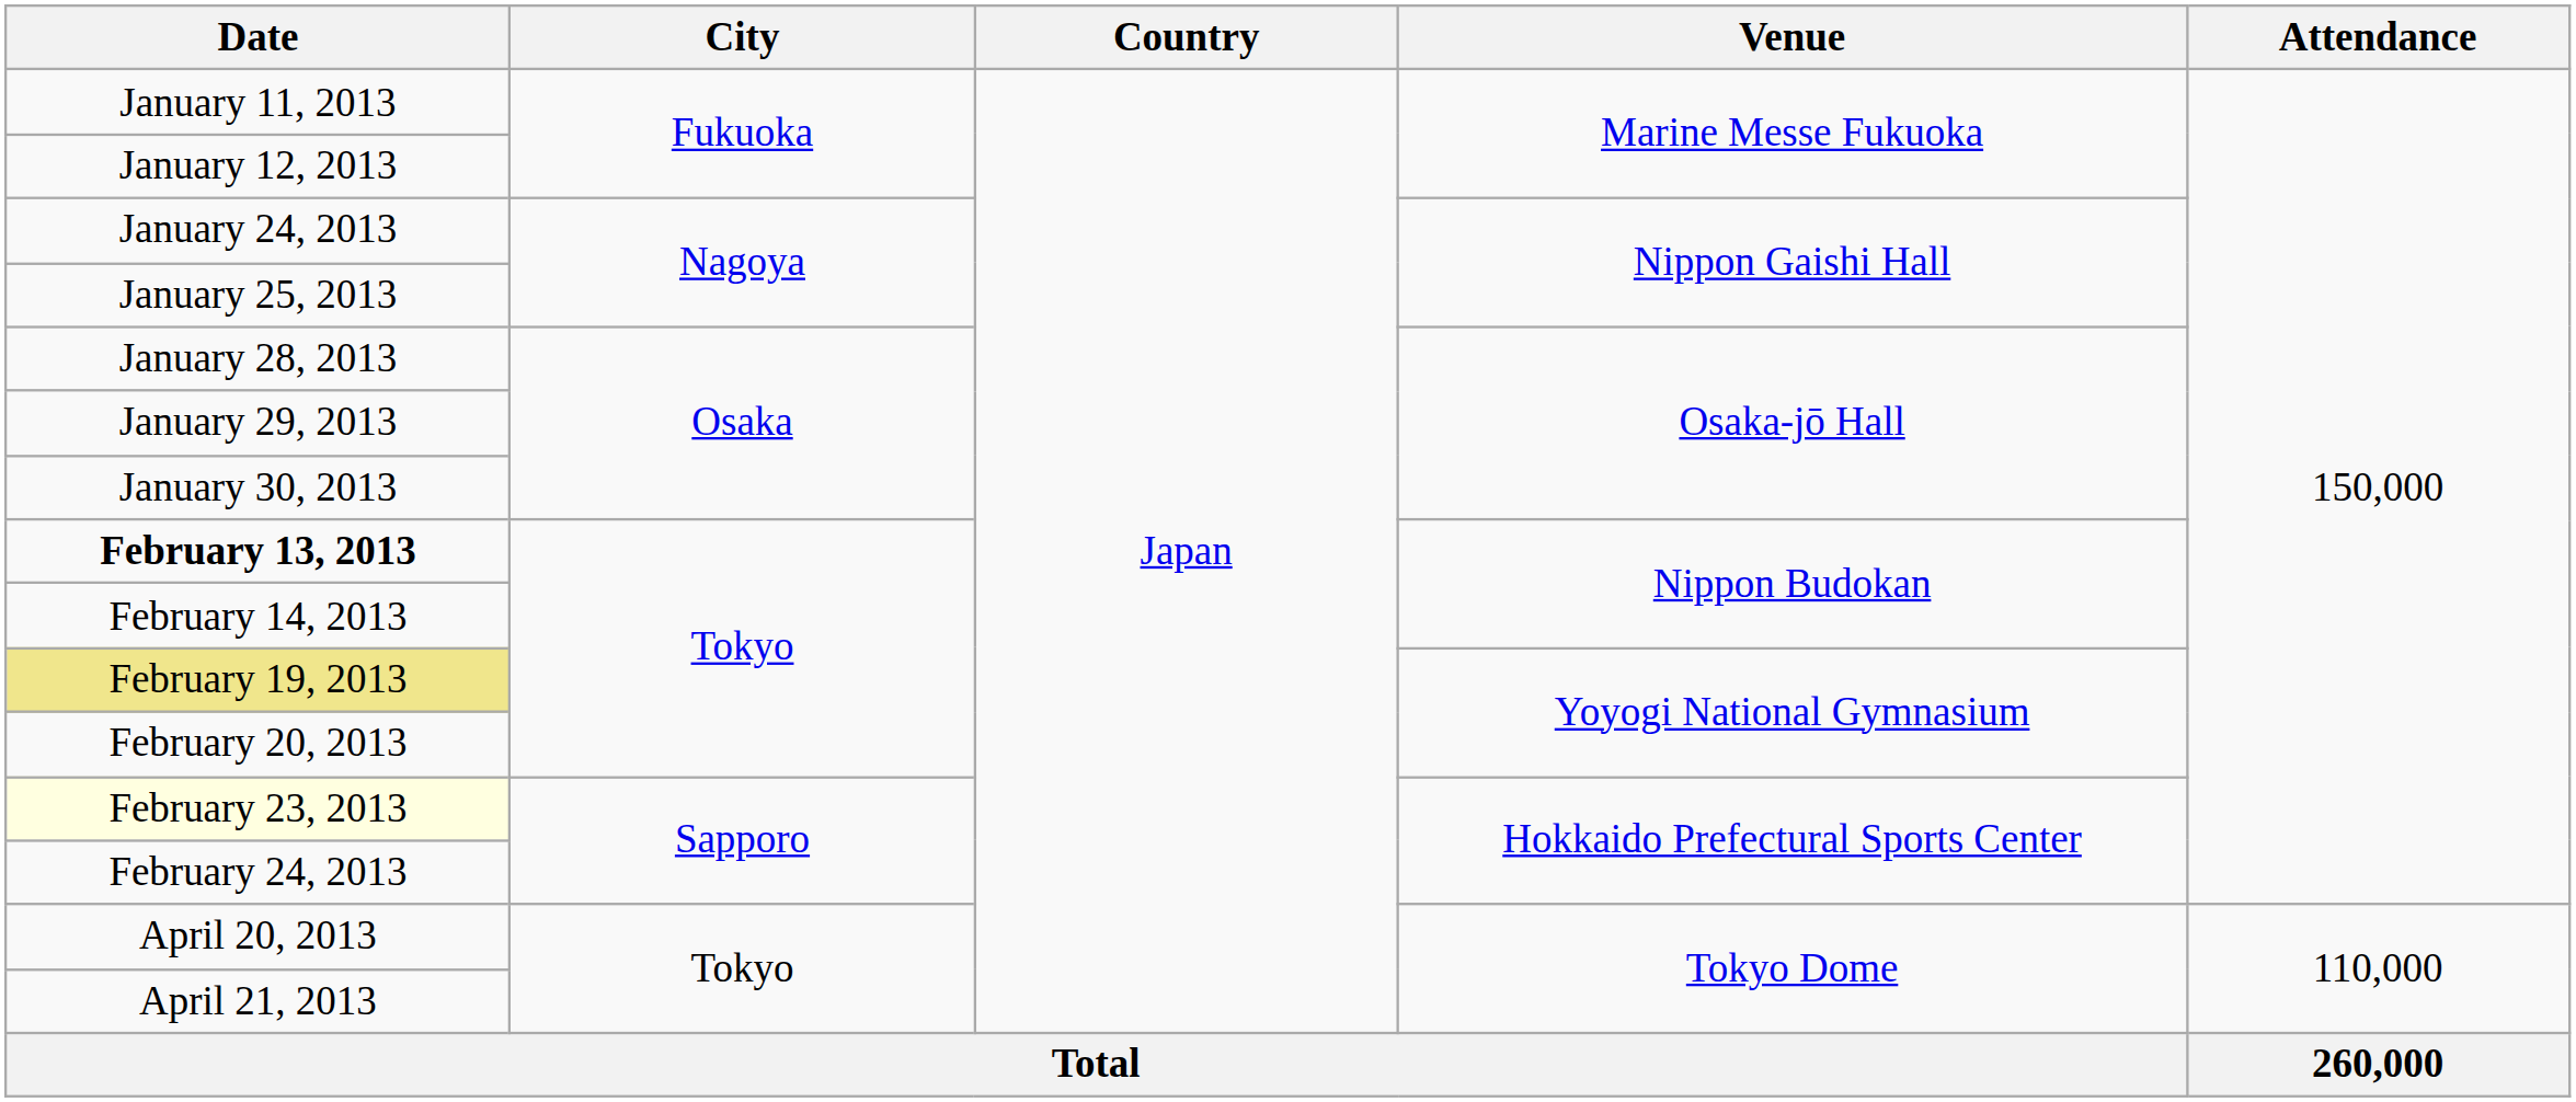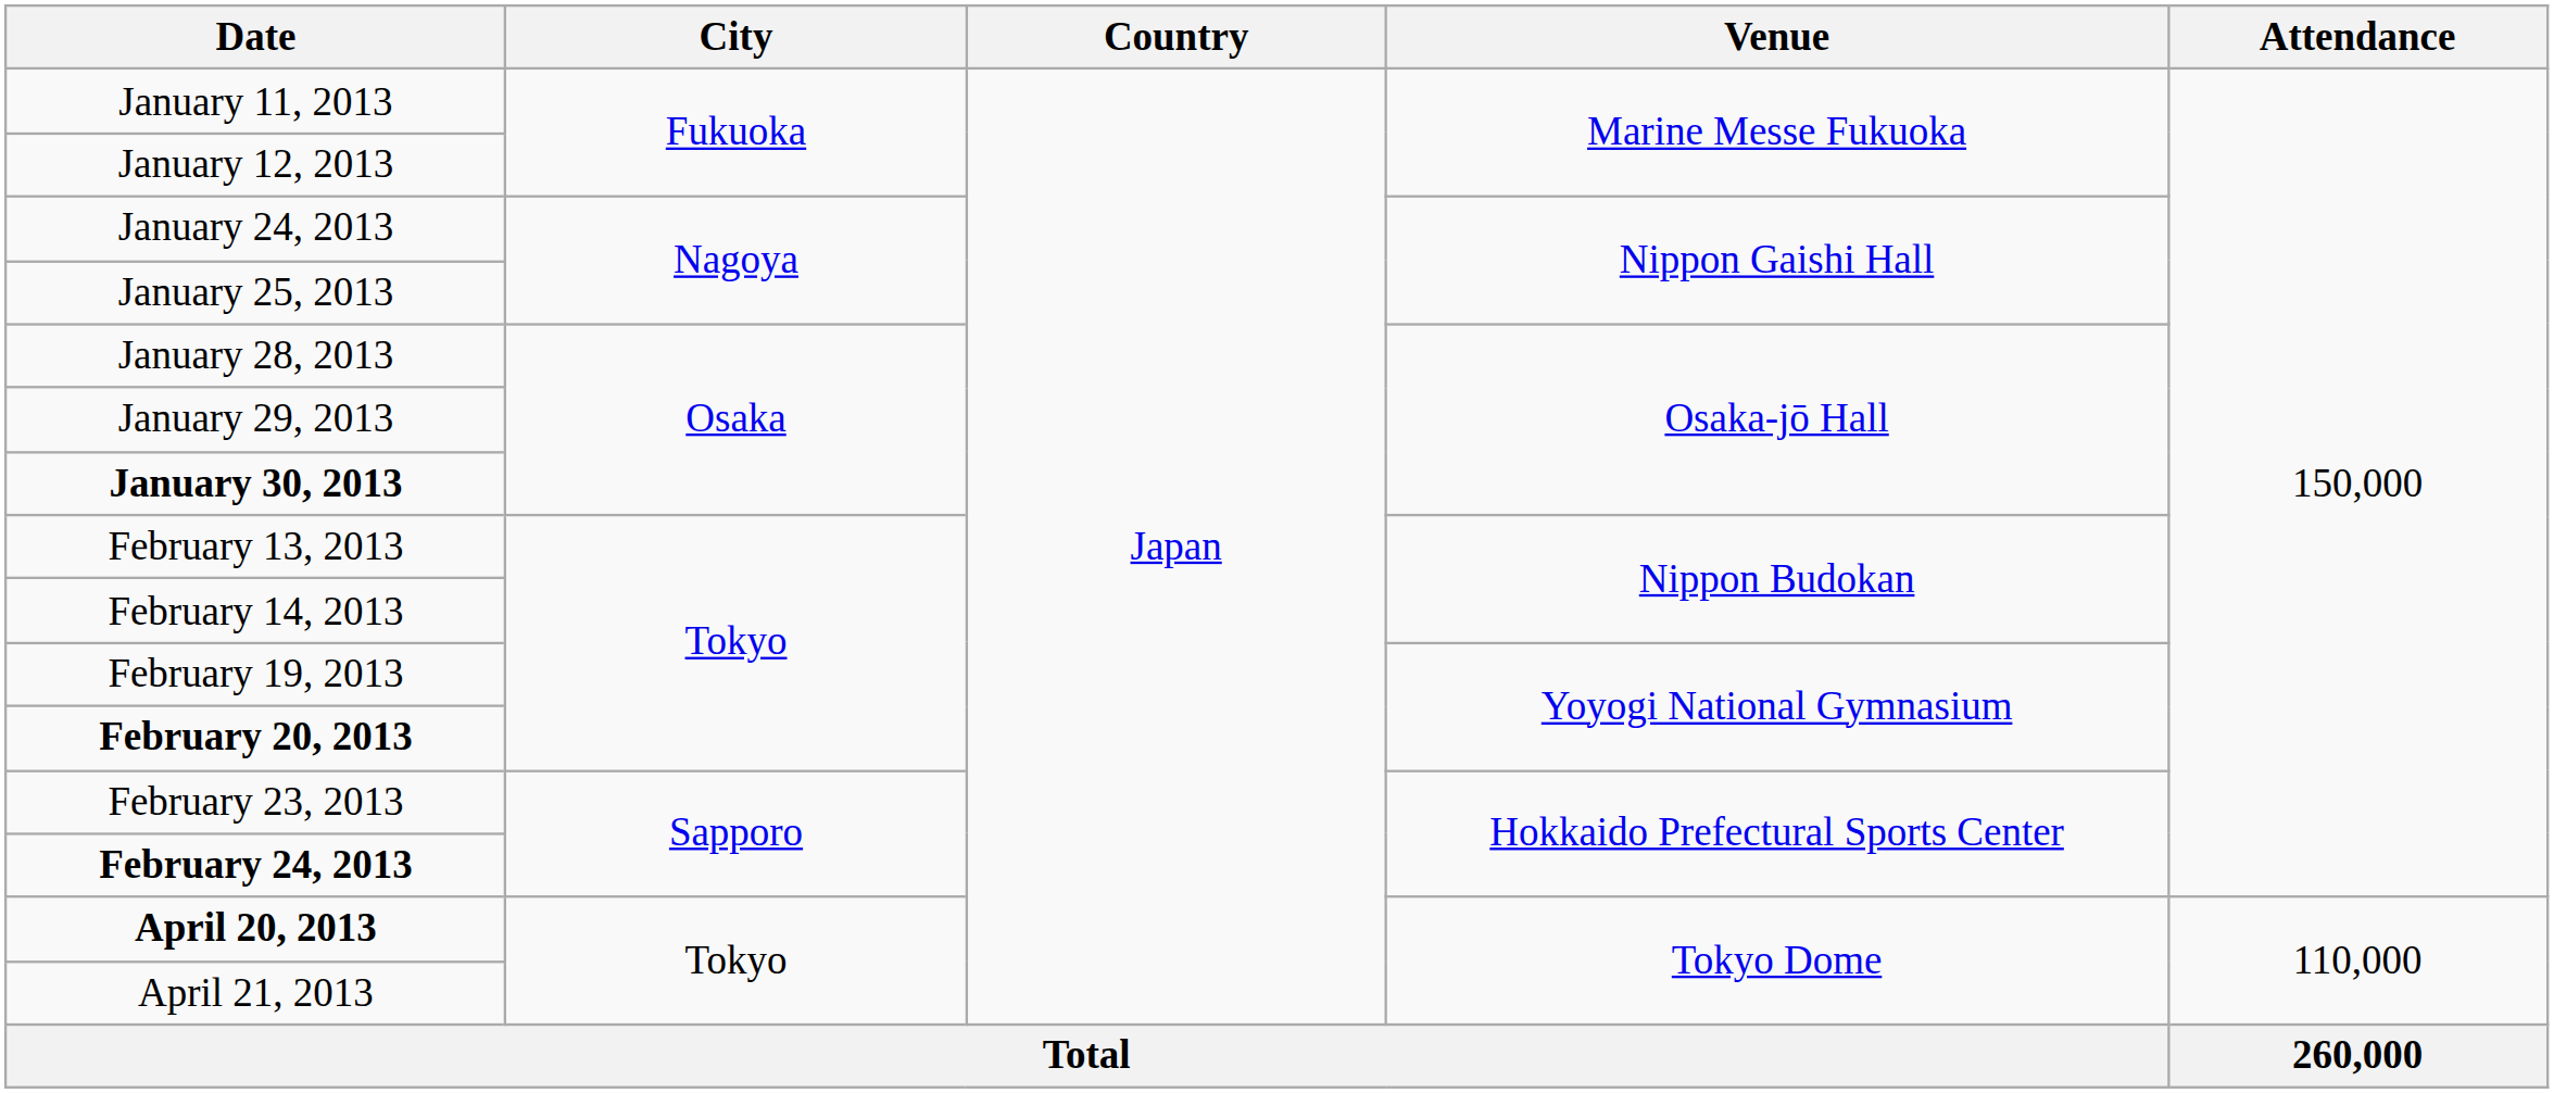 <table class="wikitable" style="text-align:center;">
 <tr>
 <th scope="col" style="width:12em;">Date</th>
 <th scope="col" style="width:11em;">City</th>
 <th scope="col" style="width:10em;">Country</th>
 <th scope="col" style="width:19em;">Venue</th>
 <th scope="col" style="width:9em;">Attendance</th>
 </tr>
 <tr>
 <td>January 11, 2013</td>
 <td rowspan="2"><a href='#'>Fukuoka</a></td>
 <td rowspan="15"><a href='#'>Japan</a></td>
 <td rowspan="2"><a href='#'>Marine Messe Fukuoka</a></td>
 <td rowspan="13">150,000</td>
 </tr>
 <tr>
 <td>January 12, 2013</td>
 </tr>
 <tr>
 <td>January 24, 2013</td>
 <td rowspan="2"><a href='#'>Nagoya</a></td>
 <td rowspan="2"><a href='#'>Nippon Gaishi Hall</a></td>
 </tr>
 <tr>
 <td>January 25, 2013</td>
 </tr>
 <tr>
 <td>January 28, 2013</td>
 <td rowspan="3"><a href='#'>Osaka</a></td>
 <td rowspan="3"><a href='#'>Osaka-jō Hall</a></td>
 </tr>
 <tr>
 <td>January 29, 2013</td>
 </tr>
 <tr>
-<td>January 30, 2013</td>
+<td><strong>January 30, 2013</strong></td>
 </tr>
 <tr>
-<td><strong>February 13, 2013</strong></td>
+<td>February 13, 2013</td>
 <td rowspan="4"><a href='#'>Tokyo</a></td>
 <td rowspan="2"><a href='#'>Nippon Budokan</a></td>
 </tr>
 <tr>
 <td>February 14, 2013</td>
 </tr>
 <tr>
-<td style="background: khaki;">February 19, 2013</td>
+<td>February 19, 2013</td>
 <td rowspan="2"><a href='#'>Yoyogi National Gymnasium</a></td>
 </tr>
 <tr>
-<td>February 20, 2013</td>
+<td><strong>February 20, 2013</strong></td>
 </tr>
 <tr>
-<td style="background: lightyellow;">February 23, 2013</td>
+<td>February 23, 2013</td>
 <td rowspan="2"><a href='#'>Sapporo</a></td>
 <td rowspan="2"><a href='#'>Hokkaido Prefectural Sports Center</a></td>
 </tr>
 <tr>
-<td>February 24, 2013</td>
+<td><strong>February 24, 2013</strong></td>
 </tr>
 <tr>
-<td>April 20, 2013</td>
+<td><strong>April 20, 2013</strong></td>
 <td rowspan="2">Tokyo</td>
 <td rowspan="2"><a href='#'>Tokyo Dome</a></td>
 <td rowspan="2">110,000</td>
 </tr>
 <tr>
 <td>April 21, 2013</td>
 </tr>
 <tr>
 <th colspan="4">Total</th>
 <th>260,000</th>
 </tr>
 </table>
